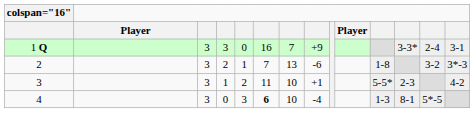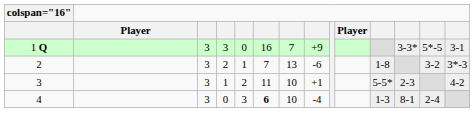 <table class=wikitable style=text-align:center>
 <tr>
 <th>colspan="16" </th>
 </tr>
 <tr>
 <th width=20 abbr=Position></th>
 <th width=175>Player</th>
 <th width=20 abbr=Played></th>
 <th width=20 abbr=Won></th>
 <th width=20 abbr=Lost></th>
 <th width=30 abbr=Points for></th>
 <th width=30 abbr=Points against></th>
 <th width=30 abbr=Points difference></th>
 <th rowspan="5" abbr=H2H></th>
 <th>Player</th>
 <th></th>
 <th></th>
 <th></th>
 <th></th>
 </tr>
 <tr bgcolor=#CCFFCC>
 <td>1 <strong>Q</strong></td>
 <td align=left></td>
 <td>3</td>
 <td>3</td>
 <td>0</td>
 <td>16</td>
 <td>7</td>
 <td>+9</td>
 <td></td>
 <td bgcolor="#dddddd"> </td>
 <td bgcolor="#efefef">3-3*</td>
-<td bgcolor="#efefef">2-4</td>
+<td bgcolor="#efefef">5*-5</td>
 <td bgcolor="#efefef">3-1</td>
 </tr>
 <tr>
 <td>2 </td>
 <td align=left></td>
 <td>3</td>
 <td>2</td>
 <td>1</td>
 <td>7</td>
 <td>13</td>
 <td>-6</td>
 <td></td>
 <td bgcolor="#efefef">1-8</td>
 <td bgcolor="#dddddd"> </td>
 <td bgcolor="#efefef">3-2</td>
 <td bgcolor="#efefef">3*-3</td>
 </tr>
 <tr>
 <td>3  </td>
 <td align=left></td>
 <td>3</td>
 <td>1</td>
 <td>2</td>
 <td>11</td>
 <td>10</td>
 <td>+1</td>
 <td></td>
 <td bgcolor="#efefef">5-5*</td>
 <td bgcolor="#efefef">2-3</td>
 <td bgcolor="#dddddd"> </td>
 <td bgcolor="#efefef">4-2</td>
 </tr>
 <tr>
 <td>4 </td>
 <td align=left></td>
 <td>3</td>
 <td>0</td>
 <td>3</td>
 <td><strong>6</strong></td>
 <td>10</td>
 <td>-4</td>
 <td></td>
 <td bgcolor="#efefef">1-3</td>
 <td bgcolor="#efefef">8-1</td>
-<td bgcolor="#efefef">5*-5</td>
+<td bgcolor="#efefef">2-4</td>
 <td bgcolor="#dddddd"> </td>
 </tr>
 </table>
